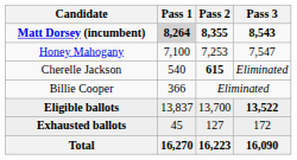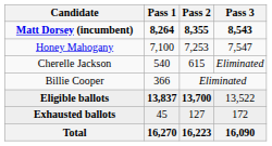 <table class="wikitable" style="text-align: center;">
 <tr>
 <th width="200">Candidate</th>
 <th>Pass 1</th>
 <th>Pass 2</th>
 <th>Pass 3</th>
 </tr>
 <tr>
 <td><strong><a href='#'>Matt Dorsey</a> (incumbent)</strong></td>
-<td style="background: lightgrey;"><strong>8,264</strong></td>
+<td><strong>8,264</strong></td>
 <td><strong>8,355</strong></td>
 <td><strong>8,543 </strong></td>
 </tr>
 <tr>
 <td><a href='#'>Honey Mahogany</a></td>
 <td>7,100</td>
 <td>7,253</td>
 <td>7,547</td>
 </tr>
 <tr>
 <td>Cherelle Jackson</td>
 <td>540</td>
-<td><strong>615</strong></td>
+<td>615</td>
 <td><em>Eliminated</em></td>
 </tr>
 <tr>
 <td>Billie Cooper</td>
 <td>366</td>
 <td colspan=2><em>Eliminated</em></td>
 </tr>
 <tr bgcolor="#EEEEEE">
 <td><strong>Eligible ballots</strong></td>
-<td>13,837</td>
-<td>13,700</td>
-<td><strong>13,522</strong></td>
+<td><strong>13,837</strong></td>
+<td><strong>13,700</strong></td>
+<td>13,522</td>
 </tr>
 <tr bgcolor="#EEEEEE">
 <td><strong>Exhausted ballots</strong></td>
 <td>45</td>
 <td>127</td>
 <td>172</td>
 </tr>
 <tr>
 <th scope="row">Total</th>
 <th>16,270</th>
 <th>16,223</th>
 <th>16,090</th>
 </tr>
 </table>
